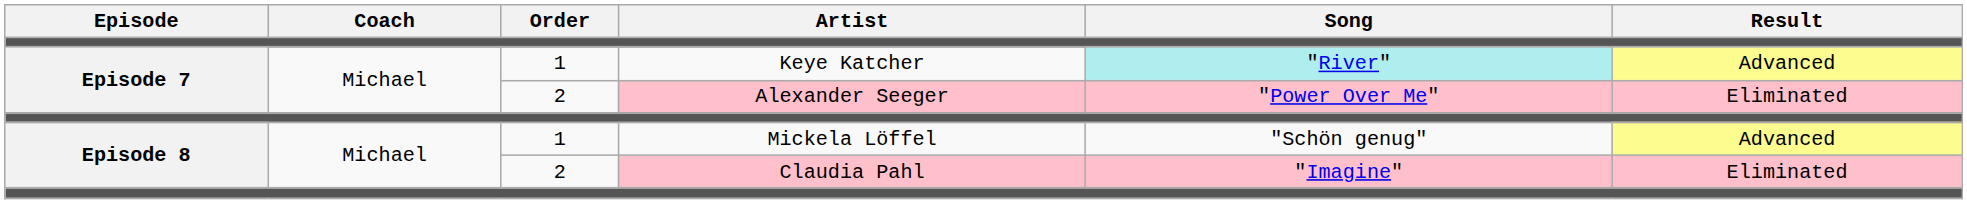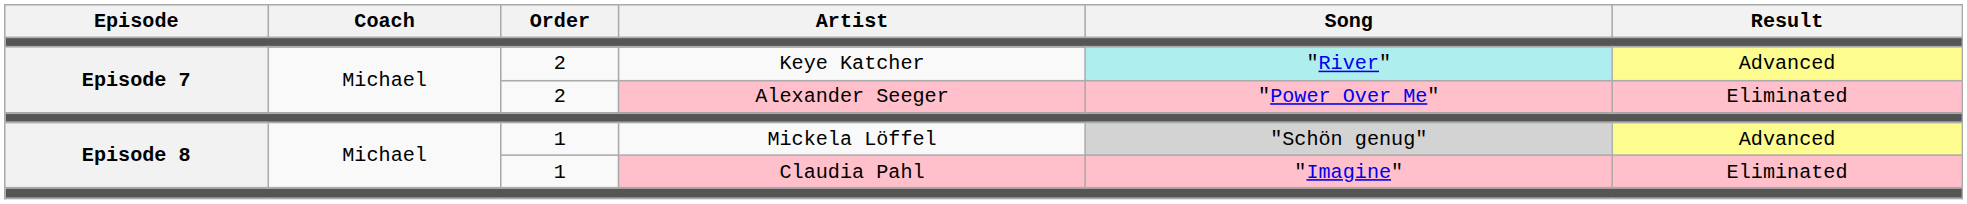 <table class="wikitable" style="text-align: center; width:100%;">
 <tr>
 <th scope="col" style="width:09%;">Episode</th>
 <th style="width:08%;">Coach</th>
 <th style="width:04%;">Order</th>
 <th style="width:16%;">Artist</th>
 <th style="width:18%;">Song</th>
 <th style="width:12%;">Result</th>
 </tr>
 <tr>
 <td colspan="6" style="background:#555;"></td>
 </tr>
 <tr>
 <th rowspan="2">Episode 7<br><small></small></th>
 <td rowspan="2" scope="row" style="text-align:center;">Michael</td>
-<td>1</td>
+<td>2</td>
 <td>Keye Katcher</td>
 <td style="background: paleturquoise;">"<a href='#'>River</a>"</td>
 <td style="background:#fdfc8f;">Advanced</td>
 </tr>
 <tr>
 <td>2</td>
 <td style="background:pink;">Alexander Seeger</td>
 <td style="background:pink;">"<a href='#'>Power Over Me</a>"</td>
 <td style="background:pink;">Eliminated</td>
 </tr>
 <tr>
 <td colspan="6" style="background:#555;"></td>
 </tr>
 <tr>
 <th rowspan="2">Episode 8<br><small></small></th>
 <td rowspan="2" scope="row" style="text-align:center;">Michael</td>
 <td>1</td>
 <td>Mickela Löffel</td>
-<td>"Schön genug"</td>
+<td style="background: lightgrey;">"Schön genug"</td>
 <td style="background:#fdfc8f;">Advanced</td>
 </tr>
 <tr>
-<td>2</td>
+<td>1</td>
 <td style="background:pink;">Claudia Pahl</td>
 <td style="background:pink;">"<a href='#'>Imagine</a>"</td>
 <td style="background:pink;">Eliminated</td>
 </tr>
 <tr>
 <td colspan="6" style="background:#555;"></td>
 </tr>
 </table>
